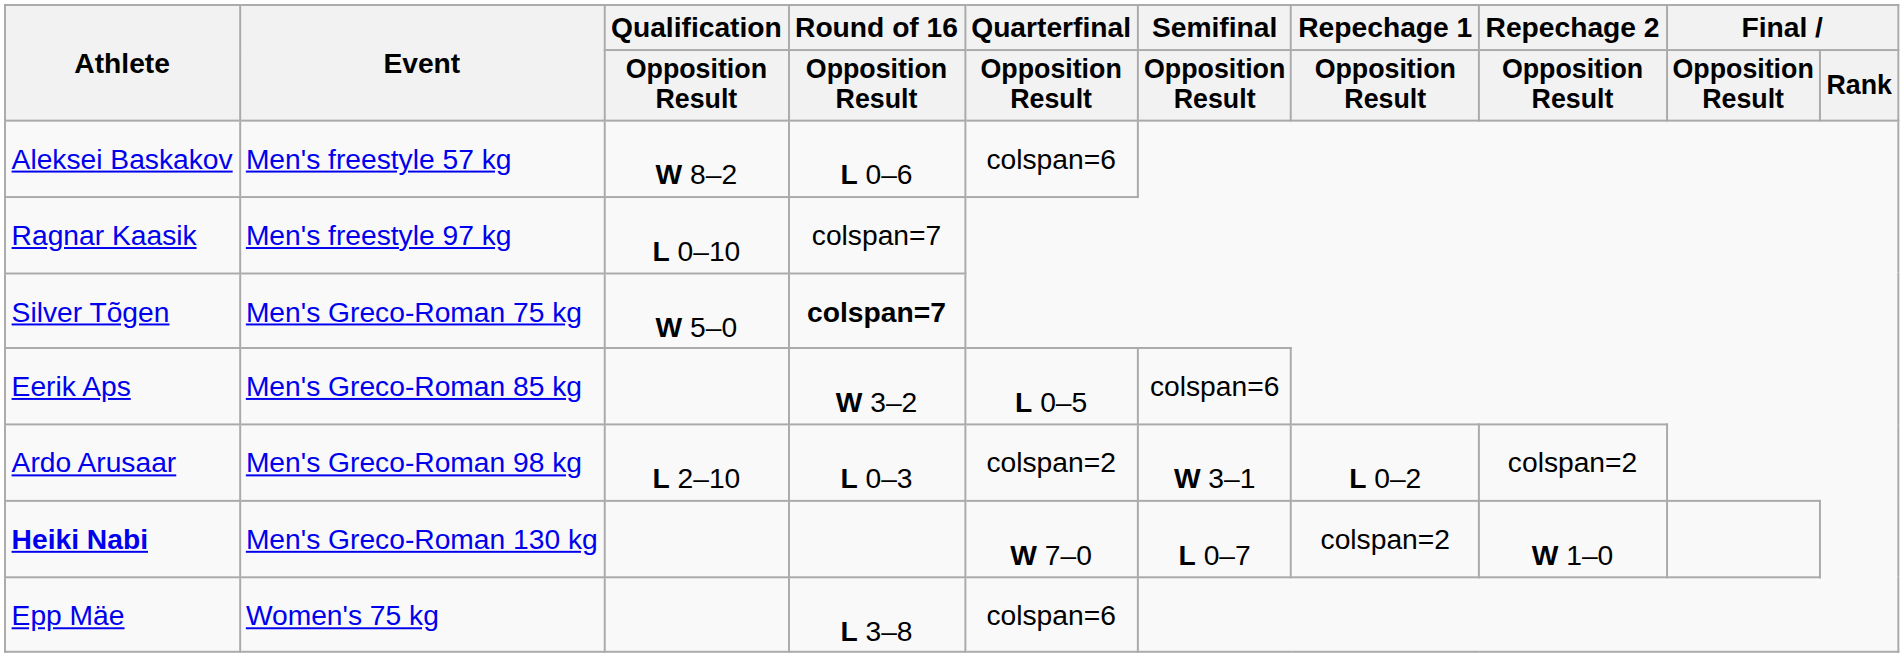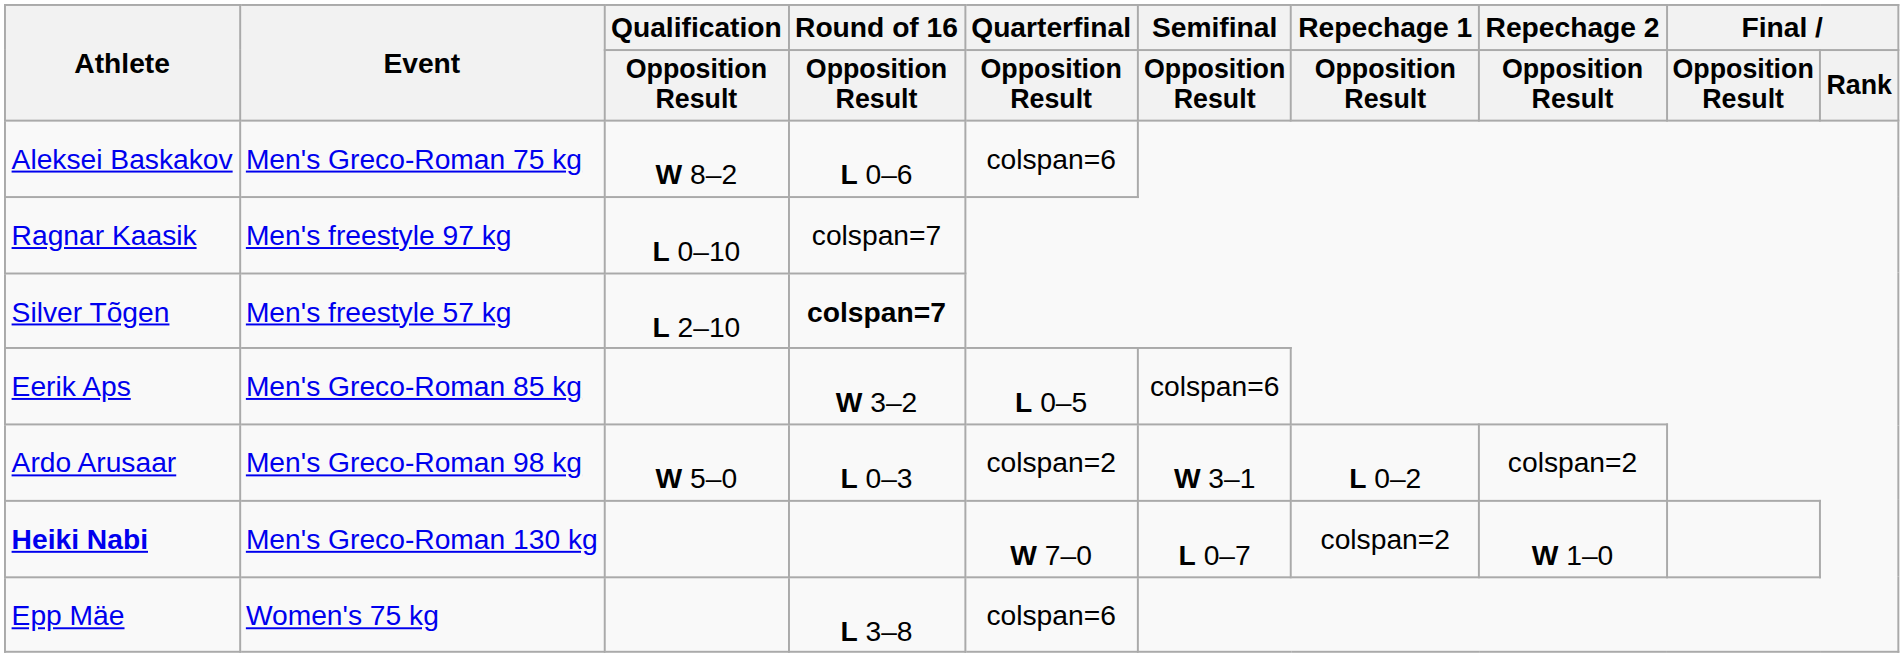 <table class="wikitable" style="font-size:90%">
 <tr align=center>
 <th rowspan=2>Athlete</th>
 <th rowspan=2>Event</th>
 <th>Qualification</th>
 <th>Round of 16</th>
 <th>Quarterfinal</th>
 <th>Semifinal</th>
 <th>Repechage 1</th>
 <th>Repechage 2</th>
 <th colspan=2>Final / </th>
 </tr>
 <tr style="font-size: 95%">
 <th>Opposition<br>Result</th>
 <th>Opposition<br>Result</th>
 <th>Opposition<br>Result</th>
 <th>Opposition<br>Result</th>
 <th>Opposition<br>Result</th>
 <th>Opposition<br>Result</th>
 <th>Opposition<br>Result</th>
 <th>Rank</th>
 </tr>
 <tr align=center>
 <td align=left><a href='#'>Aleksei Baskakov</a></td>
-<td align=left><a href='#'>Men's freestyle 57 kg</a></td>
+<td align=left><a href='#'>Men's Greco-Roman 75 kg</a></td>
 <td><br><strong>W</strong> 8–2</td>
 <td><br><strong>L</strong> 0–6</td>
 <td>colspan=6 </td>
 </tr>
 <tr align=center>
 <td align=left><a href='#'>Ragnar Kaasik</a></td>
 <td align=left><a href='#'>Men's freestyle 97 kg</a></td>
 <td><br><strong>L</strong> 0–10</td>
 <td>colspan=7 </td>
 </tr>
 <tr align=center>
 <td align=left><a href='#'>Silver Tõgen</a></td>
-<td align=left><a href='#'>Men's Greco-Roman 75 kg</a></td>
-<td><br><strong>W</strong> 5–0</td>
+<td align=left><a href='#'>Men's freestyle 57 kg</a></td>
+<td><br><strong>L</strong> 2–10</td>
 <td><strong>colspan=7 </strong></td>
 </tr>
 <tr align=center>
 <td align=left><a href='#'>Eerik Aps</a></td>
 <td align=left><a href='#'>Men's Greco-Roman 85 kg</a></td>
 <td></td>
 <td><br><strong>W</strong> 3–2</td>
 <td><br><strong>L</strong> 0–5</td>
 <td>colspan=6 </td>
 </tr>
 <tr align=center>
 <td align=left><a href='#'>Ardo Arusaar</a></td>
 <td align=left><a href='#'>Men's Greco-Roman 98 kg</a></td>
-<td><br><strong>L</strong> 2–10</td>
+<td><br><strong>W</strong> 5–0</td>
 <td><br><strong>L</strong> 0–3</td>
 <td>colspan=2 </td>
 <td><br><strong>W</strong> 3–1</td>
 <td><br><strong>L</strong> 0–2</td>
 <td>colspan=2 </td>
 </tr>
 <tr align=center>
 <td align=left><strong><a href='#'>Heiki Nabi</a></strong></td>
 <td align=left><a href='#'>Men's Greco-Roman 130 kg</a></td>
 <td></td>
 <td></td>
 <td><br><strong>W</strong> 7–0</td>
 <td><br><strong>L</strong> 0–7</td>
 <td>colspan=2 </td>
 <td><br><strong>W</strong> 1–0</td>
 <td></td>
 </tr>
 <tr align=center>
 <td align=left><a href='#'>Epp Mäe</a></td>
 <td align=left><a href='#'>Women's 75 kg</a></td>
 <td></td>
 <td><br><strong>L</strong> 3–8</td>
 <td>colspan=6 </td>
 </tr>
 </table>
